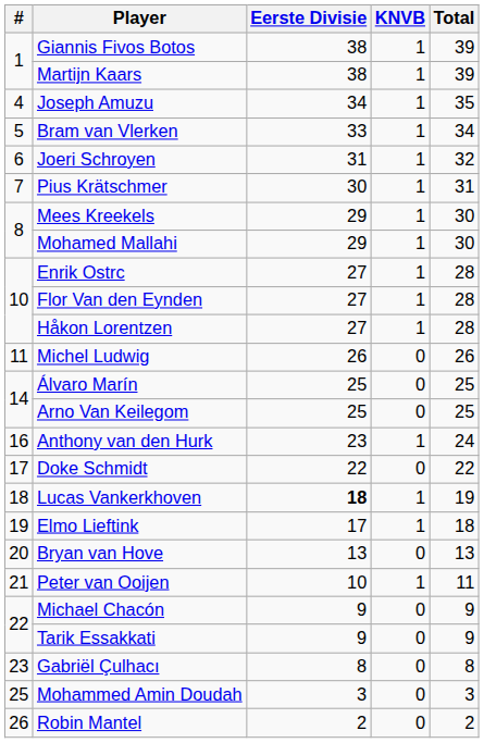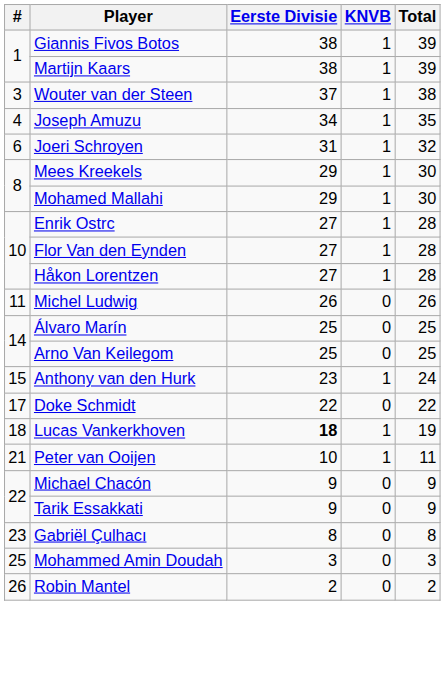 <table class="wikitable" style="text-align:right;">
 <tr>
 <th>#</th>
 <th>Player</th>
 <th><a href='#'>Eerste Divisie</a></th>
 <th><a href='#'>KNVB</a></th>
 <th>Total</th>
 </tr>
 <tr>
 <td rowspan=2 align=center>1</td>
 <td align=left> <a href='#'>Giannis Fivos Botos</a></td>
 <td>38</td>
 <td>1</td>
 <td>39</td>
 </tr>
 <tr>
 <td align=left> <a href='#'>Martijn Kaars</a></td>
 <td>38</td>
 <td>1</td>
 <td>39</td>
 </tr>
 <tr>
+<td align=center>3</td>
+<td align=left> <a href='#'>Wouter van der Steen</a></td>
+<td>37</td>
+<td>1</td>
+<td>38</td>
+</tr>
+<tr>
 <td align=center>4</td>
 <td align=left> <a href='#'>Joseph Amuzu</a></td>
 <td>34</td>
 <td>1</td>
 <td>35</td>
 </tr>
 <tr>
-<td align=center>5</td>
-<td align=left> <a href='#'>Bram van Vlerken</a></td>
-<td>33</td>
-<td>1</td>
-<td>34</td>
-</tr>
-<tr>
 <td align=center>6</td>
 <td align=left> <a href='#'>Joeri Schroyen</a></td>
 <td>31</td>
 <td>1</td>
 <td>32</td>
-</tr>
-<tr>
-<td align=center>7</td>
-<td align=left> <a href='#'>Pius Krätschmer</a></td>
-<td>30</td>
-<td>1</td>
-<td>31</td>
 </tr>
 <tr>
 <td rowspan=2 align=center>8</td>
 <td align=left> <a href='#'>Mees Kreekels</a></td>
 <td>29</td>
 <td>1</td>
 <td>30</td>
 </tr>
 <tr>
 <td align=left> <a href='#'>Mohamed Mallahi</a></td>
 <td>29</td>
 <td>1</td>
 <td>30</td>
 </tr>
 <tr>
 <td rowspan=3 align=center>10</td>
 <td align=left> <a href='#'>Enrik Ostrc</a></td>
 <td>27</td>
 <td>1</td>
 <td>28</td>
 </tr>
 <tr>
 <td align=left> <a href='#'>Flor Van den Eynden</a></td>
 <td>27</td>
 <td>1</td>
 <td>28</td>
 </tr>
 <tr>
 <td align=left> <a href='#'>Håkon Lorentzen</a></td>
 <td>27</td>
 <td>1</td>
 <td>28</td>
 </tr>
 <tr>
 <td align=center>11</td>
 <td align=left> <a href='#'>Michel Ludwig</a></td>
 <td>26</td>
 <td>0</td>
 <td>26</td>
 </tr>
 <tr>
 <td rowspan=2 align=center>14</td>
 <td align=left> <a href='#'>Álvaro Marín</a></td>
 <td>25</td>
 <td>0</td>
 <td>25</td>
 </tr>
 <tr>
 <td align=left> <a href='#'>Arno Van Keilegom</a></td>
 <td>25</td>
 <td>0</td>
 <td>25</td>
 </tr>
 <tr>
-<td align=center>16</td>
+<td align=center>15</td>
 <td align=left> <a href='#'>Anthony van den Hurk</a></td>
 <td>23</td>
 <td>1</td>
 <td>24</td>
 </tr>
 <tr>
 <td align=center>17</td>
 <td align=left> <a href='#'>Doke Schmidt</a></td>
 <td>22</td>
 <td>0</td>
 <td>22</td>
 </tr>
 <tr>
 <td align=center>18</td>
 <td align=left> <a href='#'>Lucas Vankerkhoven</a></td>
 <td><strong>18</strong></td>
 <td>1</td>
 <td>19</td>
-</tr>
-<tr>
-<td align=center>19</td>
-<td align=left> <a href='#'>Elmo Lieftink</a></td>
-<td>17</td>
-<td>1</td>
-<td>18</td>
-</tr>
-<tr>
-<td align=center>20</td>
-<td align=left> <a href='#'>Bryan van Hove</a></td>
-<td>13</td>
-<td>0</td>
-<td>13</td>
 </tr>
 <tr>
 <td align=center>21</td>
 <td align=left> <a href='#'>Peter van Ooijen</a></td>
 <td>10</td>
 <td>1</td>
 <td>11</td>
 </tr>
 <tr>
 <td rowspan=2 align=center>22</td>
 <td align=left> <a href='#'>Michael Chacón</a></td>
 <td>9</td>
 <td>0</td>
 <td>9</td>
 </tr>
 <tr>
 <td align=left> <a href='#'>Tarik Essakkati</a></td>
 <td>9</td>
 <td>0</td>
 <td>9</td>
 </tr>
 <tr>
 <td align=center>23</td>
 <td align=left> <a href='#'>Gabriël Çulhacı</a></td>
 <td>8</td>
 <td>0</td>
 <td>8</td>
 </tr>
 <tr>
 <td align=center>25</td>
 <td align=left> <a href='#'>Mohammed Amin Doudah</a></td>
 <td>3</td>
 <td>0</td>
 <td>3</td>
 </tr>
 <tr>
 <td align=center>26</td>
 <td align=left> <a href='#'>Robin Mantel</a></td>
 <td>2</td>
 <td>0</td>
 <td>2</td>
 </tr>
 </table>
